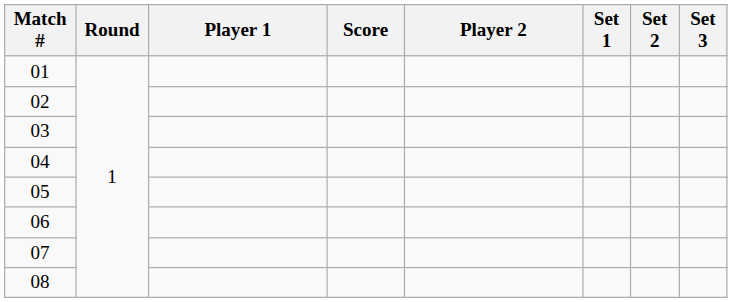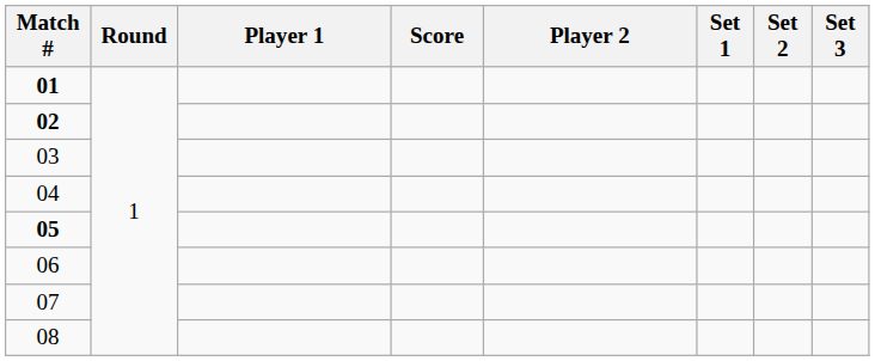 <table class="wikitable">
 <tr>
 <th width="2%">Match #</th>
 <th width="2%">Round</th>
 <th width="15%">Player 1</th>
 <th width="5%">Score</th>
 <th width="15%">Player 2</th>
 <th width="3%">Set 1</th>
 <th width="3%">Set 2</th>
 <th width="3%">Set 3</th>
 </tr>
 <tr style=text-align:center;>
-<td>01</td>
+<td><strong>01</strong></td>
 <td rowspan=8>1</td>
 <td></td>
 <td></td>
 <td></td>
 <td></td>
 <td></td>
 <td></td>
 </tr>
 <tr style=text-align:center;>
-<td>02</td>
+<td><strong>02</strong></td>
 <td></td>
 <td></td>
 <td></td>
 <td></td>
 <td></td>
 <td></td>
 </tr>
 <tr style=text-align:center;>
 <td>03</td>
 <td></td>
 <td></td>
 <td></td>
 <td></td>
 <td></td>
 <td></td>
 </tr>
 <tr style=text-align:center;>
 <td>04</td>
 <td></td>
 <td></td>
 <td></td>
 <td></td>
 <td></td>
 <td></td>
 </tr>
 <tr style=text-align:center;>
-<td>05</td>
+<td><strong>05</strong></td>
 <td></td>
 <td></td>
 <td></td>
 <td></td>
 <td></td>
 <td></td>
 </tr>
 <tr style=text-align:center;>
 <td>06</td>
 <td></td>
 <td></td>
 <td></td>
 <td></td>
 <td></td>
 <td></td>
 </tr>
 <tr style=text-align:center;>
 <td>07</td>
 <td></td>
 <td></td>
 <td></td>
 <td></td>
 <td></td>
 <td></td>
 </tr>
 <tr style=text-align:center;>
 <td>08</td>
 <td></td>
 <td></td>
 <td></td>
 <td></td>
 <td></td>
 <td></td>
 </tr>
 </table>
